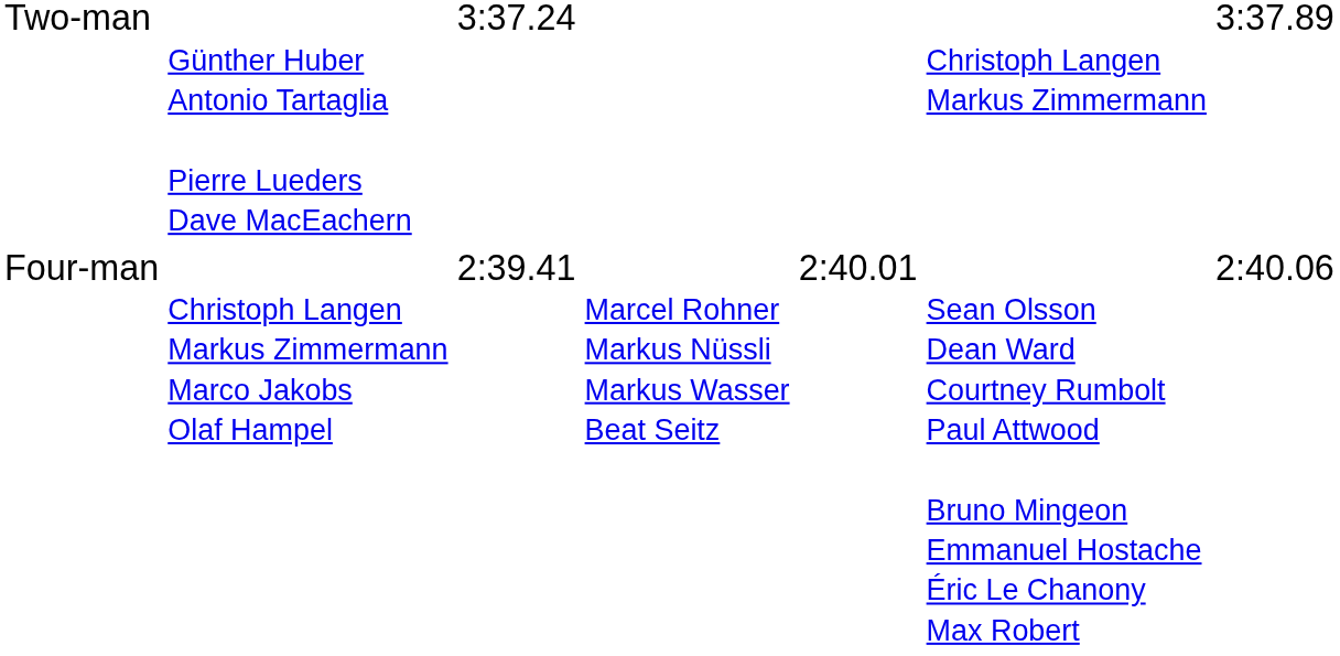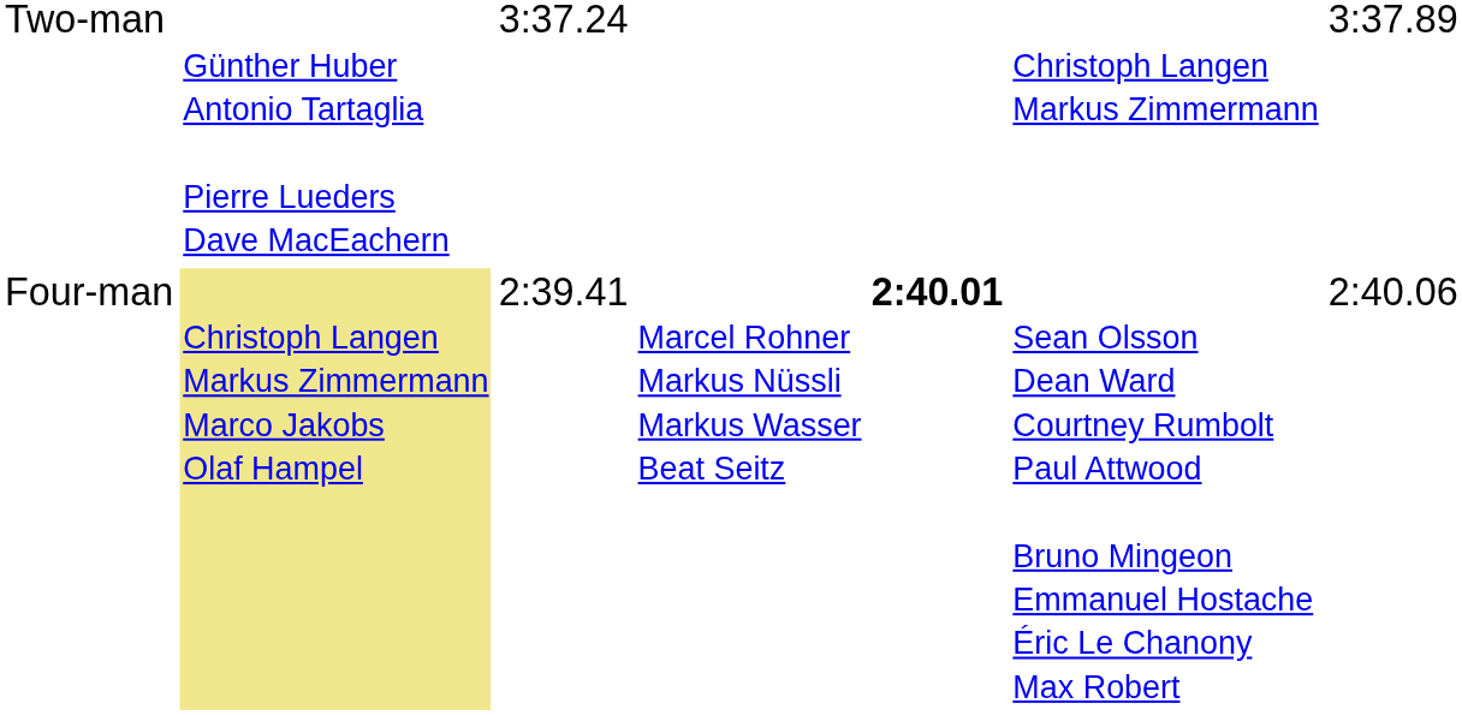 <table>
 <tr valign="top">
 <td>Two-man <br></td>
 <td><br> <small><a href='#'>Günther Huber</a><br><a href='#'>Antonio Tartaglia</a> <br> </small> <br> <small><a href='#'>Pierre Lueders</a><br><a href='#'>Dave MacEachern</a></small></td>
 <td>3:37.24</td>
 <td></td>
 <td></td>
 <td><br><small> <a href='#'>Christoph Langen</a><br><a href='#'>Markus Zimmermann</a></small></td>
 <td>3:37.89</td>
 </tr>
 <tr valign="top">
 <td>Four-man <br></td>
-<td><br><small> <a href='#'>Christoph Langen</a><br> <a href='#'>Markus Zimmermann</a> <br> <a href='#'>Marco Jakobs</a> <br> <a href='#'>Olaf Hampel</a></small></td>
+<td style="background: khaki;"><br><small> <a href='#'>Christoph Langen</a><br> <a href='#'>Markus Zimmermann</a> <br> <a href='#'>Marco Jakobs</a> <br> <a href='#'>Olaf Hampel</a></small></td>
 <td>2:39.41</td>
 <td><br><small> <a href='#'>Marcel Rohner</a> <br> <a href='#'>Markus Nüssli</a> <br> <a href='#'>Markus Wasser</a> <br>  <a href='#'>Beat Seitz</a></small></td>
-<td>2:40.01</td>
+<td><strong>2:40.01</strong></td>
 <td><br><small> <a href='#'>Sean Olsson</a> <br> <a href='#'>Dean Ward</a> <br> <a href='#'>Courtney Rumbolt</a> <br> <a href='#'>Paul Attwood</a> <br> </small> <br><small> <a href='#'>Bruno Mingeon</a> <br> <a href='#'>Emmanuel Hostache</a> <br> <a href='#'>Éric Le Chanony</a> <br> <a href='#'>Max Robert</a></small></td>
 <td>2:40.06</td>
 </tr>
 </table>
